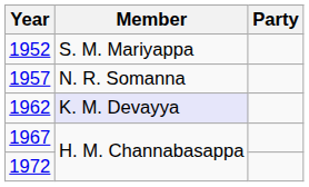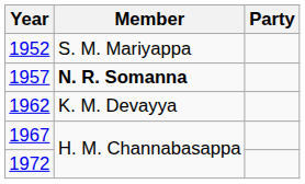 <table class="wikitable sortable">
 <tr>
 <th>Year</th>
 <th>Member</th>
 <th colspan="2">Party</th>
 </tr>
 <tr>
 <td><a href='#'>1952</a></td>
 <td>S. M. Mariyappa</td>
 <td></td>
 </tr>
 <tr>
 <td><a href='#'>1957</a></td>
-<td>N. R. Somanna</td>
+<td><strong>N. R. Somanna</strong></td>
 <td></td>
 </tr>
 <tr>
 <td><a href='#'>1962</a></td>
-<td style="background: lavender;">K. M. Devayya</td>
+<td>K. M. Devayya</td>
 </tr>
 <tr>
 <td><a href='#'>1967</a></td>
 <td rowspan="2">H. M. Channabasappa</td>
 <td></td>
 </tr>
 <tr>
 <td><a href='#'>1972</a></td>
 <td></td>
 </tr>
 </table>
